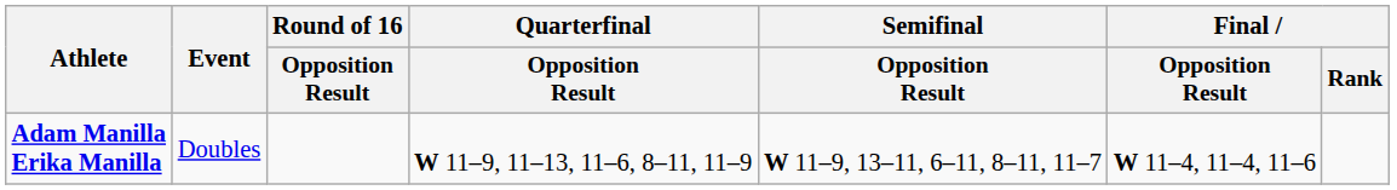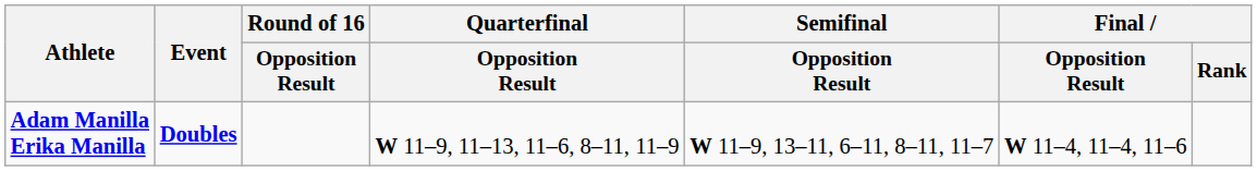 <table class=wikitable style=font-size:90%>
 <tr>
 <th rowspan=2>Athlete</th>
 <th rowspan=2>Event</th>
 <th>Round of 16</th>
 <th>Quarterfinal</th>
 <th>Semifinal</th>
 <th colspan=2>Final / </th>
 </tr>
 <tr style=font-size:95%>
 <th>Opposition<br>Result</th>
 <th>Opposition<br>Result</th>
 <th>Opposition<br>Result</th>
 <th>Opposition<br>Result</th>
 <th>Rank</th>
 </tr>
 <tr align=center>
 <td align=left><strong><a href='#'>Adam Manilla</a><br><a href='#'>Erika Manilla</a></strong></td>
-<td align=left><a href='#'>Doubles</a></td>
+<td align=left><strong><a href='#'>Doubles</a></strong></td>
 <td></td>
 <td><br><strong>W</strong> 11–9, 11–13, 11–6, 8–11, 11–9</td>
 <td><br><strong>W</strong> 11–9, 13–11, 6–11, 8–11, 11–7</td>
 <td><br><strong>W</strong> 11–4, 11–4, 11–6</td>
 <td></td>
 </tr>
 </table>
